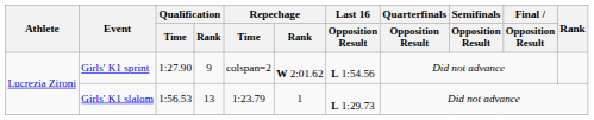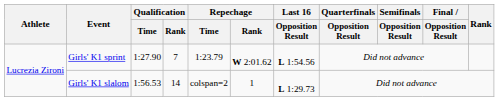 <table class="wikitable" style="font-size:90%">
 <tr>
 <th rowspan=2>Athlete</th>
 <th rowspan=2>Event</th>
 <th colspan=2>Qualification</th>
 <th colspan=2>Repechage</th>
 <th>Last 16</th>
 <th>Quarterfinals</th>
 <th>Semifinals</th>
 <th>Final / </th>
 <th rowspan=2>Rank</th>
 </tr>
 <tr style="font-size:95%">
 <th>Time</th>
 <th>Rank</th>
 <th>Time</th>
 <th>Rank</th>
 <th>Opposition <br>Result</th>
 <th>Opposition <br>Result</th>
 <th>Opposition <br>Result</th>
 <th>Opposition <br>Result</th>
 </tr>
 <tr align=center>
 <td align=left rowspan=2><a href='#'>Lucrezia Zironi</a></td>
 <td align=left><a href='#'>Girls' K1 sprint</a></td>
 <td>1:27.90</td>
-<td>9</td>
-<td>colspan=2 </td>
+<td>7</td>
+<td>1:23.79</td>
 <td><br> <strong>W</strong> 2:01.62</td>
 <td><br> <strong>L</strong> 1:54.56</td>
 <td Colspan=3><em>Did not advance</em></td>
 </tr>
 <tr align=center>
 <td align=left><a href='#'>Girls' K1 slalom</a></td>
 <td>1:56.53</td>
-<td>13</td>
-<td>1:23.79</td>
+<td>14</td>
+<td>colspan=2 </td>
 <td>1</td>
 <td><br> <strong>L</strong> 1:29.73</td>
 <td Colspan=4><em>Did not advance</em></td>
 </tr>
 </table>
